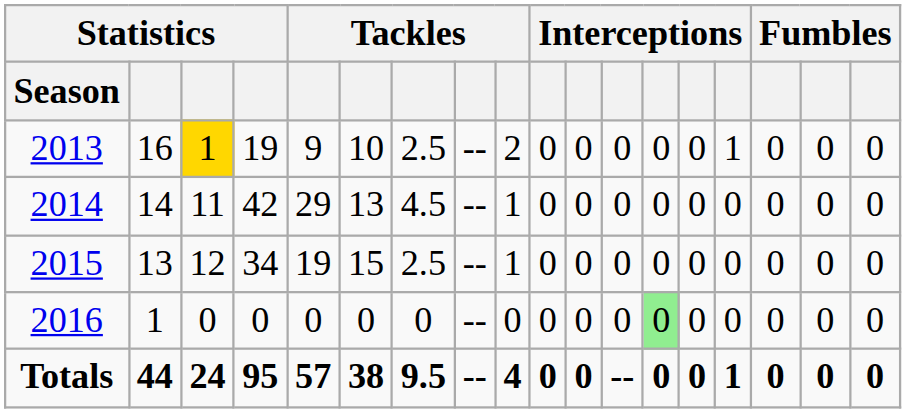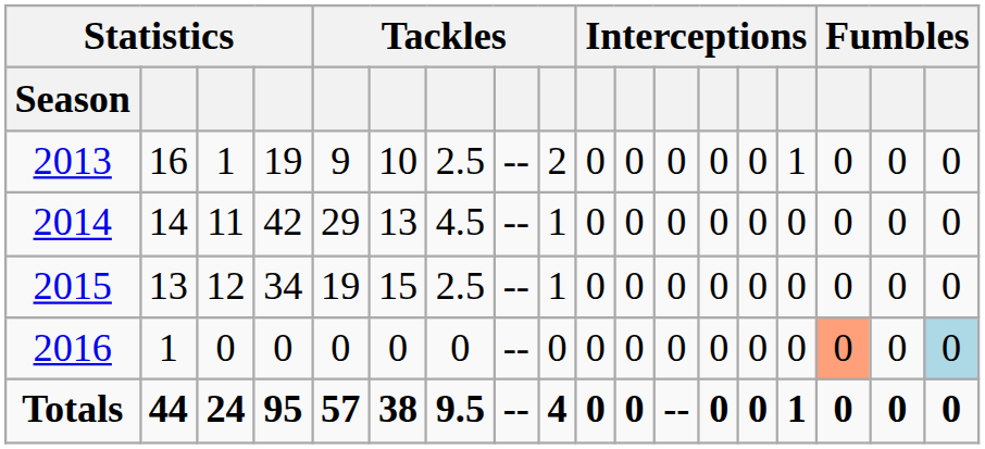 <table class="wikitable" style="text-align:center;">
 <tr>
 <th colspan="4">Statistics</th>
 <th colspan="5">Tackles</th>
 <th colspan="6">Interceptions</th>
 <th colspan="4">Fumbles</th>
 </tr>
 <tr>
 <th>Season</th>
 <th></th>
 <th></th>
 <th></th>
 <th></th>
 <th></th>
 <th></th>
 <th></th>
 <th></th>
 <th></th>
 <th></th>
 <th></th>
 <th></th>
 <th></th>
 <th></th>
 <th></th>
 <th></th>
 <th></th>
 </tr>
 <tr>
 <td><a href='#'>2013</a></td>
 <td>16</td>
-<td style="background: gold;">1</td>
+<td>1</td>
 <td>19</td>
 <td>9</td>
 <td>10</td>
 <td>2.5</td>
 <td>--</td>
 <td>2</td>
 <td>0</td>
 <td>0</td>
 <td>0</td>
 <td>0</td>
 <td>0</td>
 <td>1</td>
 <td>0</td>
 <td>0</td>
 <td>0</td>
 </tr>
 <tr>
 <td><a href='#'>2014</a></td>
 <td>14</td>
 <td>11</td>
 <td>42</td>
 <td>29</td>
 <td>13</td>
 <td>4.5</td>
 <td>--</td>
 <td>1</td>
 <td>0</td>
 <td>0</td>
 <td>0</td>
 <td>0</td>
 <td>0</td>
 <td>0</td>
 <td>0</td>
 <td>0</td>
 <td>0</td>
 </tr>
 <tr>
 <td><a href='#'>2015</a></td>
 <td>13</td>
 <td>12</td>
 <td>34</td>
 <td>19</td>
 <td>15</td>
 <td>2.5</td>
 <td>--</td>
 <td>1</td>
 <td>0</td>
 <td>0</td>
 <td>0</td>
 <td>0</td>
 <td>0</td>
 <td>0</td>
 <td>0</td>
 <td>0</td>
 <td>0</td>
 </tr>
 <tr>
 <td><a href='#'>2016</a></td>
 <td>1</td>
 <td>0</td>
 <td>0</td>
 <td>0</td>
 <td>0</td>
 <td>0</td>
 <td>--</td>
 <td>0</td>
 <td>0</td>
 <td>0</td>
 <td>0</td>
-<td style="background: lightgreen;">0</td>
 <td>0</td>
 <td>0</td>
 <td>0</td>
+<td style="background: lightsalmon;">0</td>
 <td>0</td>
-<td>0</td>
+<td style="background: lightblue;">0</td>
 </tr>
 <tr>
 <td colspan="1"><strong>Totals</strong></td>
 <td><strong>44</strong></td>
 <td><strong>24</strong></td>
 <td><strong>95</strong></td>
 <td><strong>57</strong></td>
 <td><strong>38</strong></td>
 <td><strong>9.5</strong></td>
 <td><strong>--</strong></td>
 <td><strong>4</strong></td>
 <td><strong>0</strong></td>
 <td><strong>0</strong></td>
 <td><strong>--</strong></td>
 <td><strong>0</strong></td>
 <td><strong>0</strong></td>
 <td><strong>1</strong></td>
 <td><strong>0</strong></td>
 <td><strong>0</strong></td>
 <td><strong>0</strong></td>
 </tr>
 </table>
